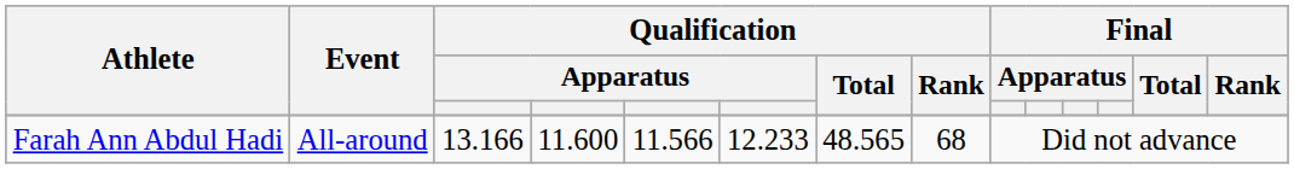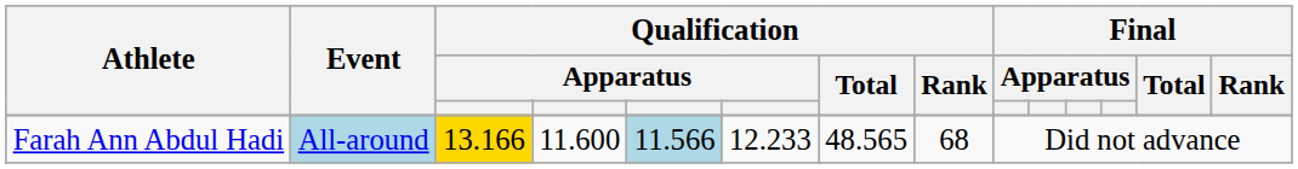 <table class="wikitable" style="font-size:90%">
 <tr>
 <th rowspan=3>Athlete</th>
 <th rowspan=3>Event</th>
 <th colspan=6>Qualification</th>
 <th colspan=6>Final</th>
 </tr>
 <tr style="font-size:95%">
 <th colspan=4>Apparatus</th>
 <th rowspan=2>Total</th>
 <th rowspan=2>Rank</th>
 <th colspan=4>Apparatus</th>
 <th rowspan=2>Total</th>
 <th rowspan=2>Rank</th>
 </tr>
 <tr style="font-size:95%">
 <th></th>
 <th></th>
 <th></th>
 <th></th>
 <th></th>
 <th></th>
 <th></th>
 <th></th>
 </tr>
 <tr align=center>
 </tr>
 <tr align=center>
 <td align=left><a href='#'>Farah Ann Abdul Hadi</a></td>
-<td align=left><a href='#'>All-around</a></td>
-<td>13.166</td>
+<td align=left style="background: lightblue;"><a href='#'>All-around</a></td>
+<td style="background: gold;">13.166</td>
 <td>11.600</td>
-<td>11.566</td>
+<td style="background: lightblue;">11.566</td>
 <td>12.233</td>
 <td>48.565</td>
 <td>68</td>
 <td colspan="6">Did not advance</td>
 </tr>
 </table>
